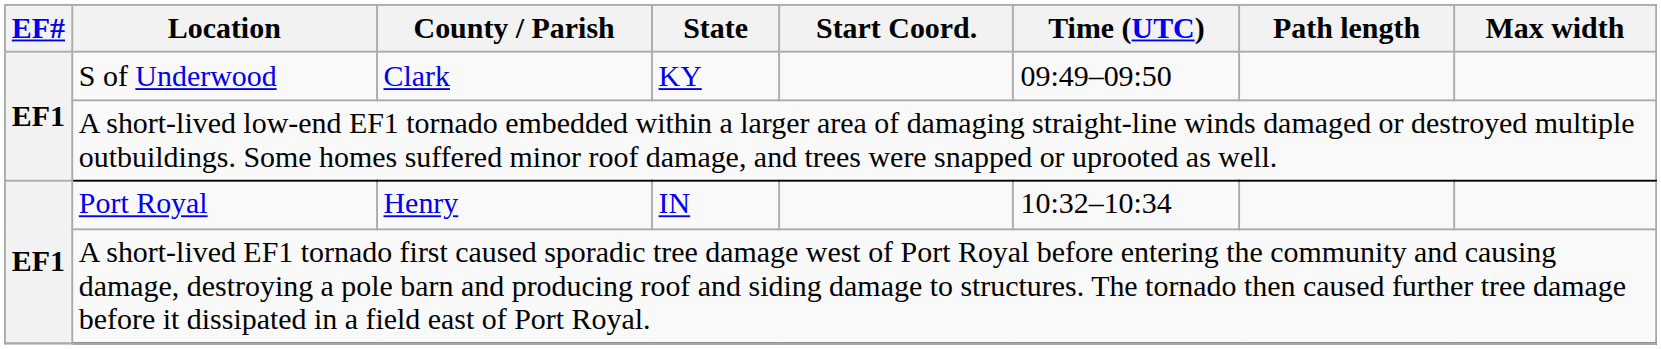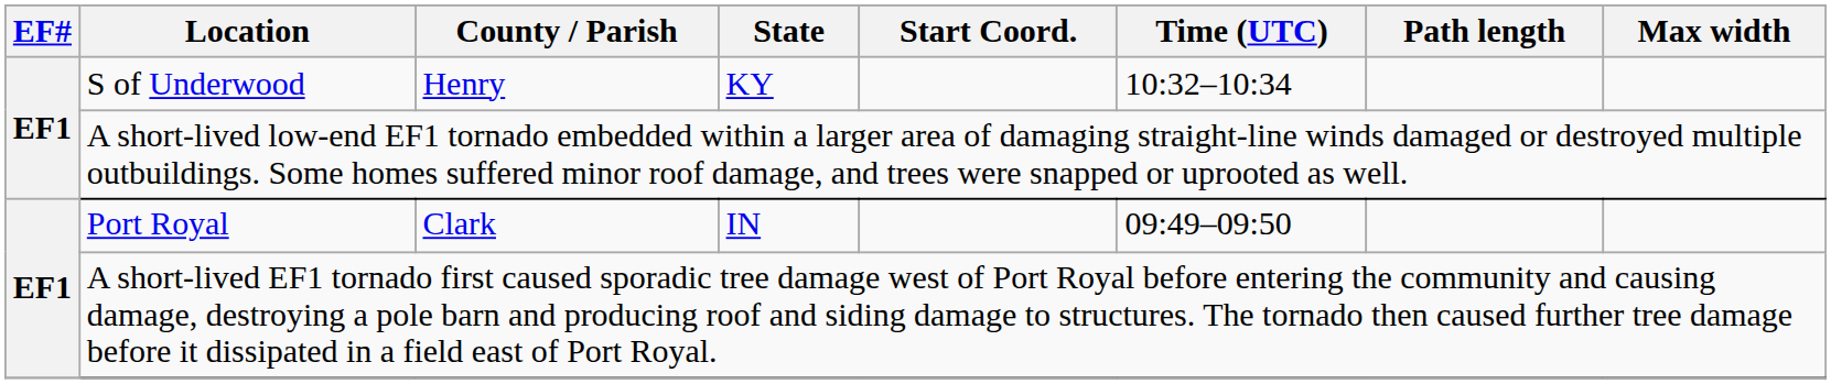 <table class="wikitable sortable" style="width:100%;">
 <tr>
 <th scope="col" width="2%" align="center"><a href='#'>EF#</a></th>
 <th scope="col" align="center" class="unsortable">Location</th>
 <th scope="col" align="center" class="unsortable">County / Parish</th>
 <th scope="col" align="center">State</th>
 <th scope="col" align="center">Start Coord.</th>
 <th scope="col" align="center">Time (<a href='#'>UTC</a>)</th>
 <th scope="col" align="center">Path length</th>
 <th scope="col" align="center">Max width</th>
 </tr>
 <tr>
 <th scope="row" rowspan="2" style="background-color:#">EF1</th>
 <td>S of <a href='#'>Underwood</a></td>
-<td><a href='#'>Clark</a></td>
+<td><a href='#'>Henry</a></td>
 <td><a href='#'>KY</a></td>
 <td></td>
-<td>09:49–09:50</td>
+<td>10:32–10:34</td>
 <td></td>
 <td></td>
 </tr>
 <tr class="expand-child">
 <td colspan="8" style=" border-bottom: 1px solid black;">A short-lived low-end EF1 tornado embedded within a larger area of damaging straight-line winds damaged or destroyed multiple outbuildings. Some homes suffered minor roof damage, and trees were snapped or uprooted as well.</td>
 </tr>
 <tr>
 <th scope="row" rowspan="2" style="background-color:#">EF1</th>
 <td><a href='#'>Port Royal</a></td>
-<td><a href='#'>Henry</a></td>
+<td><a href='#'>Clark</a></td>
 <td><a href='#'>IN</a></td>
 <td></td>
-<td>10:32–10:34</td>
+<td>09:49–09:50</td>
 <td></td>
 <td></td>
 </tr>
 <tr class="expand-child">
 <td colspan="8" style=" border-bottom: 1px solid black;">A short-lived EF1 tornado first caused sporadic tree damage west of Port Royal before entering the community and causing damage, destroying a pole barn and producing roof and siding damage to structures. The tornado then caused further tree damage before it dissipated in a field east of Port Royal.</td>
 </tr>
 <tr>
 </tr>
 </table>
